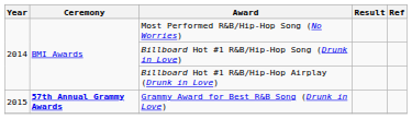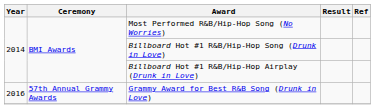 <table class="wikitable">
 <tr style="background:#ccc; text-align:center;">
 <th scope="col">Year</th>
 <th scope="col">Ceremony</th>
 <th scope="col">Award</th>
 <th scope="col">Result</th>
 <th>Ref</th>
 </tr>
 <tr>
 <td rowspan="3">2014</td>
 <td rowspan="3"><a href='#'>BMI Awards</a></td>
 <td>Most Performed R&B/Hip-Hop Song (<em><a href='#'>No Worries</a></em>)</td>
 <td></td>
 <td style="text-align:center;"></td>
 </tr>
 <tr>
 <td><em>Billboard</em> Hot #1 R&B/Hip-Hop Song (<em><a href='#'>Drunk in Love</a></em>)</td>
 <td></td>
 <td style="text-align:center;"></td>
 </tr>
 <tr>
 <td><em>Billboard</em> Hot #1 R&B/Hip-Hop Airplay (<em><a href='#'>Drunk in Love</a></em>)</td>
 <td></td>
 <td style="text-align:center;"></td>
 </tr>
 <tr>
-<td>2015</td>
-<td><strong><a href='#'>57th Annual Grammy Awards</a></strong></td>
+<td>2016</td>
+<td><a href='#'>57th Annual Grammy Awards</a></td>
 <td><a href='#'>Grammy Award for Best R&B Song</a> (<em><a href='#'>Drunk in Love</a></em>)</td>
 <td></td>
 <td style="text-align:center;"></td>
 </tr>
 <tr>
 </tr>
 </table>
